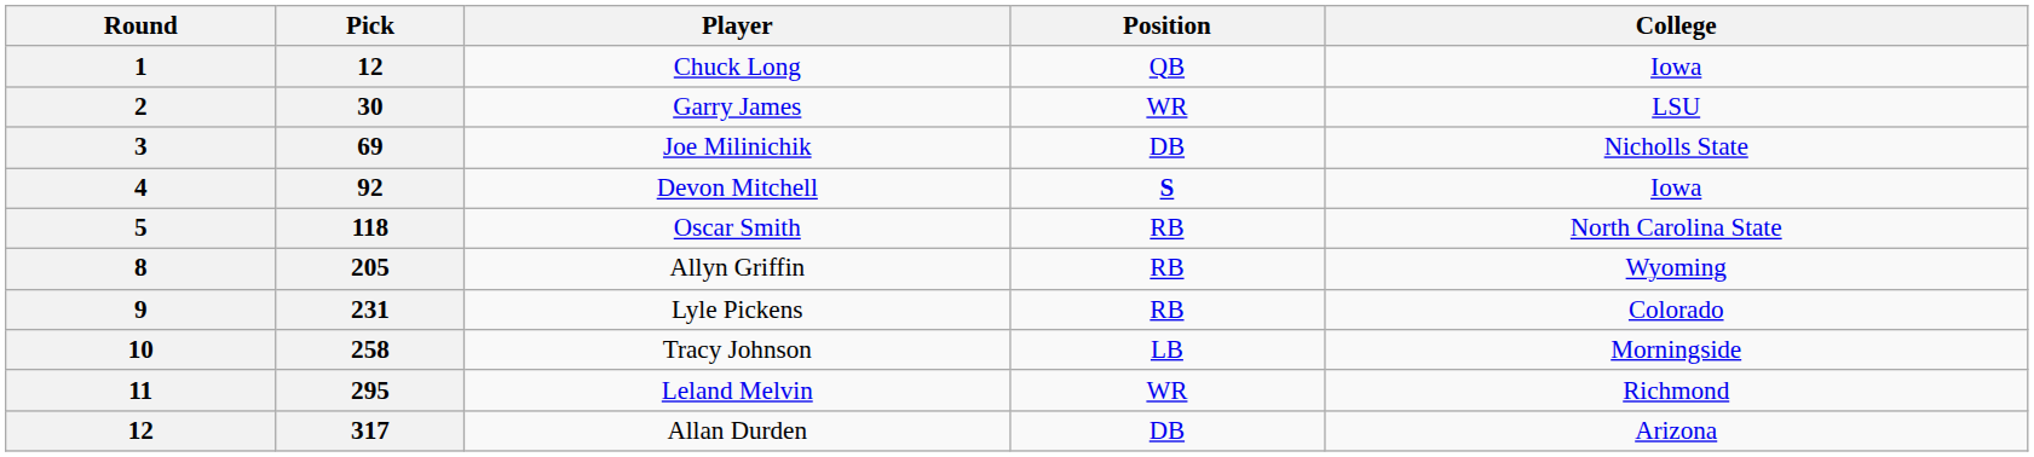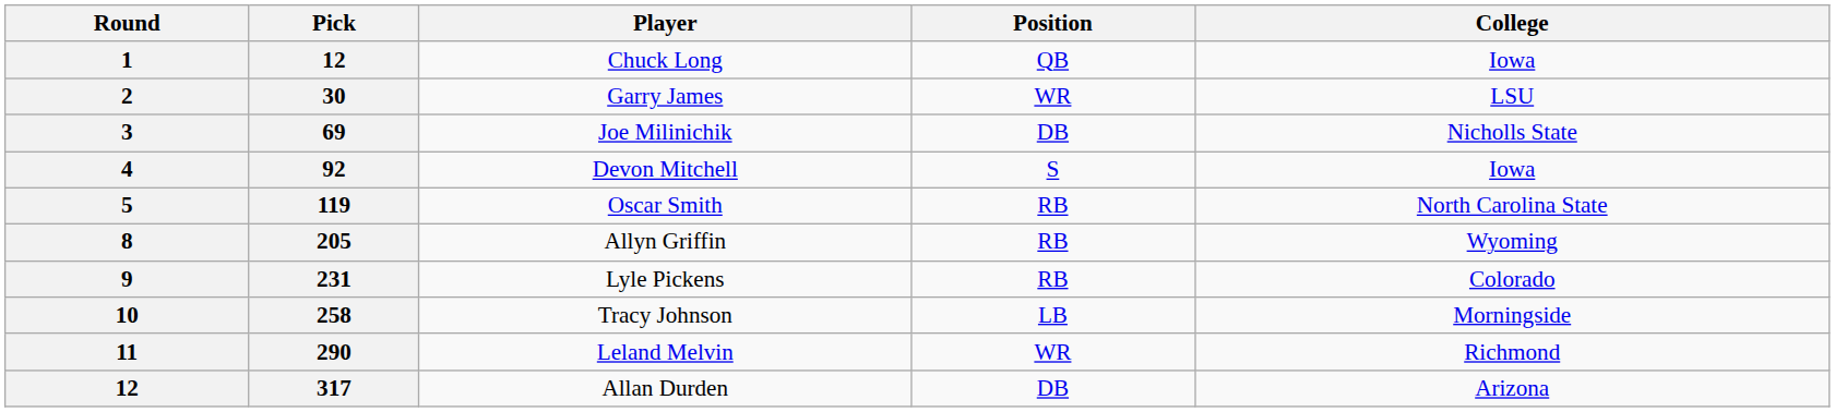 <table class="wikitable" style="width:80%;text-align:center;">
 <tr>
 <th>Round</th>
 <th>Pick</th>
 <th>Player</th>
 <th>Position</th>
 <th>College</th>
 </tr>
 <tr style="text-align:center;" bgcolor="">
 <th>1</th>
 <th>12</th>
 <td><a href='#'>Chuck Long</a></td>
 <td><a href='#'>QB</a></td>
 <td><a href='#'>Iowa</a></td>
 </tr>
 <tr style="text-align:center;" bgcolor="">
 <th>2</th>
 <th>30</th>
 <td><a href='#'>Garry James</a></td>
 <td><a href='#'>WR</a></td>
 <td><a href='#'>LSU</a></td>
 </tr>
 <tr style="text-align:center;" bgcolor="">
 <th>3</th>
 <th>69</th>
 <td><a href='#'>Joe Milinichik</a></td>
 <td><a href='#'>DB</a></td>
 <td><a href='#'>Nicholls State</a></td>
 </tr>
 <tr style="text-align:center;" bgcolor="">
 <th>4</th>
 <th>92</th>
 <td><a href='#'>Devon Mitchell</a></td>
-<td><strong><a href='#'>S</a></strong></td>
+<td><a href='#'>S</a></td>
 <td><a href='#'>Iowa</a></td>
 </tr>
 <tr style="text-align:center;" bgcolor="">
 <th>5</th>
-<th>118</th>
+<th>119</th>
 <td><a href='#'>Oscar Smith</a></td>
 <td><a href='#'>RB</a></td>
 <td><a href='#'>North Carolina State</a></td>
 </tr>
 <tr style="text-align:center;" bgcolor="">
 <th>8</th>
 <th>205</th>
 <td>Allyn Griffin</td>
 <td><a href='#'>RB</a></td>
 <td><a href='#'>Wyoming</a></td>
 </tr>
 <tr style="text-align:center;" bgcolor="">
 <th>9</th>
 <th>231</th>
 <td>Lyle Pickens</td>
 <td><a href='#'>RB</a></td>
 <td><a href='#'>Colorado</a></td>
 </tr>
 <tr style="text-align:center;" bgcolor="">
 <th>10</th>
 <th>258</th>
 <td>Tracy Johnson</td>
 <td><a href='#'>LB</a></td>
 <td><a href='#'>Morningside</a></td>
 </tr>
 <tr style="text-align:center;" bgcolor="">
 <th>11</th>
-<th>295</th>
+<th>290</th>
 <td><a href='#'>Leland Melvin</a></td>
 <td><a href='#'>WR</a></td>
 <td><a href='#'>Richmond</a></td>
 </tr>
 <tr style="text-align:center;" bgcolor="">
 <th>12</th>
 <th>317</th>
 <td>Allan Durden</td>
 <td><a href='#'>DB</a></td>
 <td><a href='#'>Arizona</a></td>
 </tr>
 </table>
